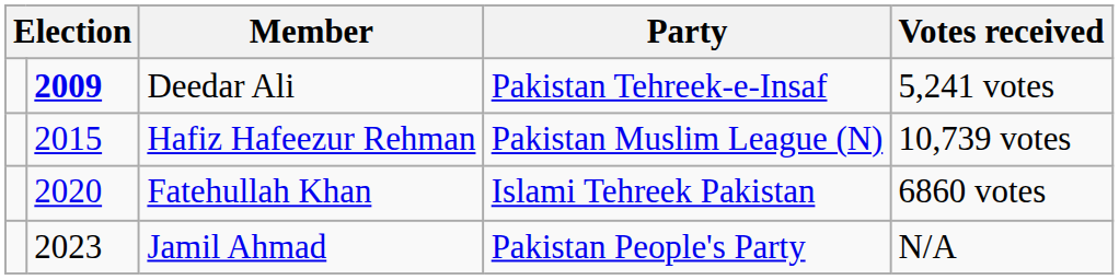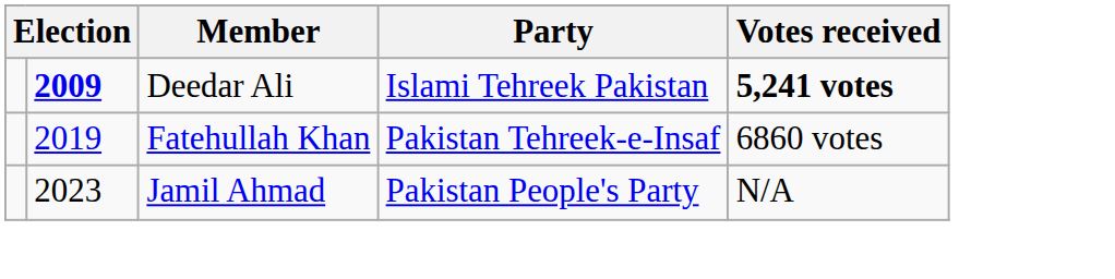 <table class="wikitable">
 <tr>
 <th colspan="2">Election</th>
 <th>Member</th>
 <th>Party</th>
 <th>Votes received</th>
 </tr>
 <tr>
 <td style="background-color: "></td>
 <td><strong><a href='#'>2009</a></strong></td>
 <td>Deedar Ali</td>
-<td><a href='#'>Pakistan Tehreek-e-Insaf</a></td>
-<td>5,241 votes</td>
+<td><a href='#'>Islami Tehreek Pakistan</a></td>
+<td><strong>5,241 votes</strong></td>
 </tr>
 <tr>
 <td style="background-color: "></td>
-<td><a href='#'>2015</a></td>
-<td><a href='#'>Hafiz Hafeezur Rehman</a></td>
-<td><a href='#'>Pakistan Muslim League (N)</a></td>
-<td>10,739 votes</td>
-</tr>
-<tr>
-<td style="background-color: "></td>
-<td><a href='#'>2020</a></td>
+<td><a href='#'>2019</a></td>
 <td><a href='#'>Fatehullah Khan</a></td>
-<td><a href='#'>Islami Tehreek Pakistan</a></td>
+<td><a href='#'>Pakistan Tehreek-e-Insaf</a></td>
 <td>6860 votes</td>
 </tr>
 <tr>
 <td style="background-color: "></td>
 <td>2023</td>
 <td><a href='#'>Jamil Ahmad</a></td>
 <td><a href='#'>Pakistan People's Party</a></td>
 <td>N/A</td>
 </tr>
 </table>
